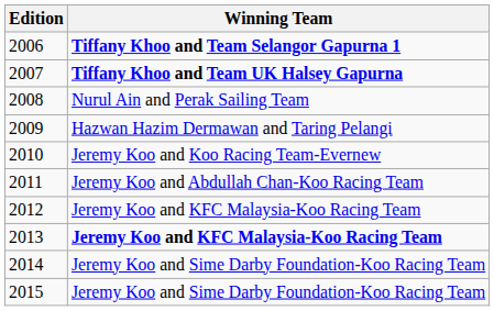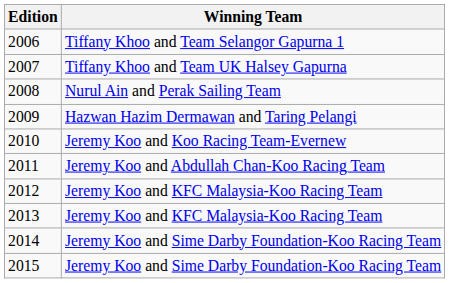 <table class="wikitable">
 <tr>
 <th>Edition</th>
 <th>Winning Team</th>
 </tr>
 <tr>
 <td>2006</td>
-<td><strong><a href='#'>Tiffany Khoo</a> and <a href='#'>Team Selangor Gapurna 1</a></strong></td>
+<td><a href='#'>Tiffany Khoo</a> and <a href='#'>Team Selangor Gapurna 1</a></td>
 </tr>
 <tr>
 <td>2007</td>
-<td><strong><a href='#'>Tiffany Khoo</a> and <a href='#'>Team UK Halsey Gapurna</a></strong></td>
+<td><a href='#'>Tiffany Khoo</a> and <a href='#'>Team UK Halsey Gapurna</a></td>
 </tr>
 <tr>
 <td>2008</td>
 <td><a href='#'>Nurul Ain</a> and <a href='#'>Perak Sailing Team</a></td>
 </tr>
 <tr>
 <td>2009</td>
 <td><a href='#'>Hazwan Hazim Dermawan</a> and <a href='#'>Taring Pelangi</a></td>
 </tr>
 <tr>
 <td>2010</td>
 <td><a href='#'>Jeremy Koo</a> and <a href='#'>Koo Racing Team-Evernew</a></td>
 </tr>
 <tr>
 <td>2011</td>
 <td><a href='#'>Jeremy Koo</a> and <a href='#'>Abdullah Chan-Koo Racing Team</a></td>
 </tr>
 <tr>
 <td>2012</td>
 <td><a href='#'>Jeremy Koo</a> and <a href='#'>KFC Malaysia-Koo Racing Team</a></td>
 </tr>
 <tr>
 <td>2013</td>
-<td><strong><a href='#'>Jeremy Koo</a> and <a href='#'>KFC Malaysia-Koo Racing Team</a></strong></td>
+<td><a href='#'>Jeremy Koo</a> and <a href='#'>KFC Malaysia-Koo Racing Team</a></td>
 </tr>
 <tr>
 <td>2014</td>
 <td><a href='#'>Jeremy Koo</a> and <a href='#'>Sime Darby Foundation-Koo Racing Team</a></td>
 </tr>
 <tr>
 <td>2015</td>
 <td><a href='#'>Jeremy Koo</a> and <a href='#'>Sime Darby Foundation-Koo Racing Team</a></td>
 </tr>
 </table>
